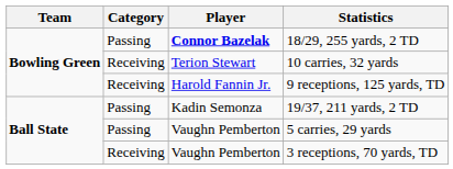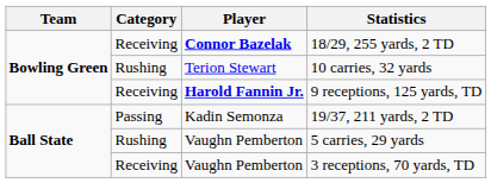 <table class="wikitable" style="float: right;">
 <tr>
 <th>Team</th>
 <th>Category</th>
 <th>Player</th>
 <th>Statistics</th>
 </tr>
 <tr>
 <td rowspan=3><strong>Bowling Green</strong></td>
-<td>Passing</td>
+<td>Receiving</td>
 <td><strong><a href='#'>Connor Bazelak</a></strong></td>
 <td>18/29, 255 yards, 2 TD</td>
 </tr>
 <tr>
-<td>Receiving</td>
+<td>Rushing</td>
 <td><a href='#'>Terion Stewart</a></td>
 <td>10 carries, 32 yards</td>
 </tr>
 <tr>
 <td>Receiving</td>
-<td><a href='#'>Harold Fannin Jr.</a></td>
+<td><strong><a href='#'>Harold Fannin Jr.</a></strong></td>
 <td>9 receptions, 125 yards, TD</td>
 </tr>
 <tr>
 <td rowspan=3><strong>Ball State</strong></td>
 <td>Passing</td>
 <td>Kadin Semonza</td>
 <td>19/37, 211 yards, 2 TD</td>
 </tr>
 <tr>
-<td>Passing</td>
+<td>Rushing</td>
 <td>Vaughn Pemberton</td>
 <td>5 carries, 29 yards</td>
 </tr>
 <tr>
 <td>Receiving</td>
 <td>Vaughn Pemberton</td>
 <td>3 receptions, 70 yards, TD</td>
 </tr>
 </table>
